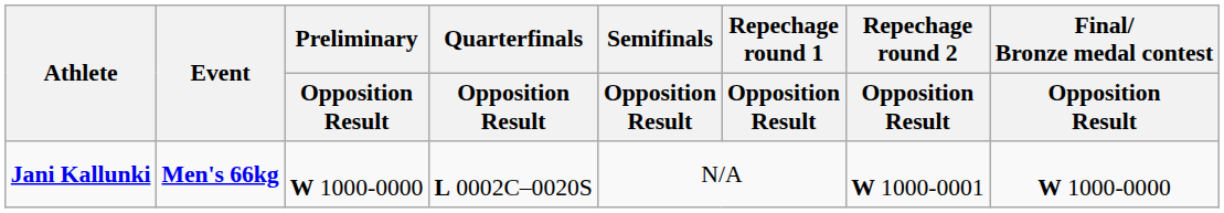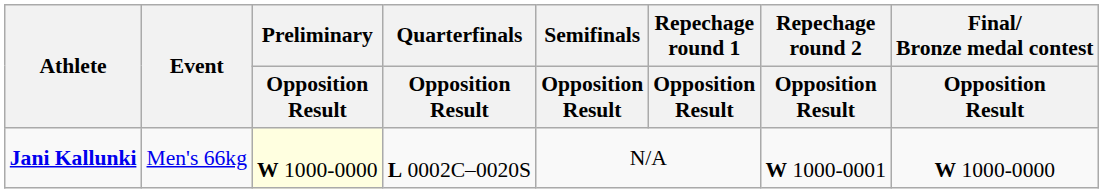 <table class=wikitable style="font-size:90%">
 <tr>
 <th rowspan="2">Athlete</th>
 <th rowspan="2">Event</th>
 <th>Preliminary</th>
 <th>Quarterfinals</th>
 <th>Semifinals</th>
 <th>Repechage <br>round 1</th>
 <th>Repechage <br>round 2</th>
 <th>Final/<br>Bronze medal contest</th>
 </tr>
 <tr>
 <th>Opposition<br>Result</th>
 <th>Opposition<br>Result</th>
 <th>Opposition<br>Result</th>
 <th>Opposition<br>Result</th>
 <th>Opposition<br>Result</th>
 <th>Opposition<br>Result</th>
 </tr>
 <tr>
 <td><strong><a href='#'>Jani Kallunki</a></strong></td>
-<td style="text-align:center;"><strong><a href='#'>Men's 66kg</a></strong></td>
-<td style="text-align:center;"><br> <strong>W</strong> 1000-0000</td>
+<td style="text-align:center;"><a href='#'>Men's 66kg</a></td>
+<td style="background: lightyellow; text-align:center;"><br> <strong>W</strong> 1000-0000</td>
 <td style="text-align:center;"><br> <strong>L</strong> 0002C–0020S</td>
 <td style="text-align:center;" colspan="2">N/A</td>
 <td style="text-align:center;"><br> <strong>W</strong> 1000-0001</td>
 <td style="text-align:center;"><br> <strong>W</strong> 1000-0000 </td>
 </tr>
 </table>
